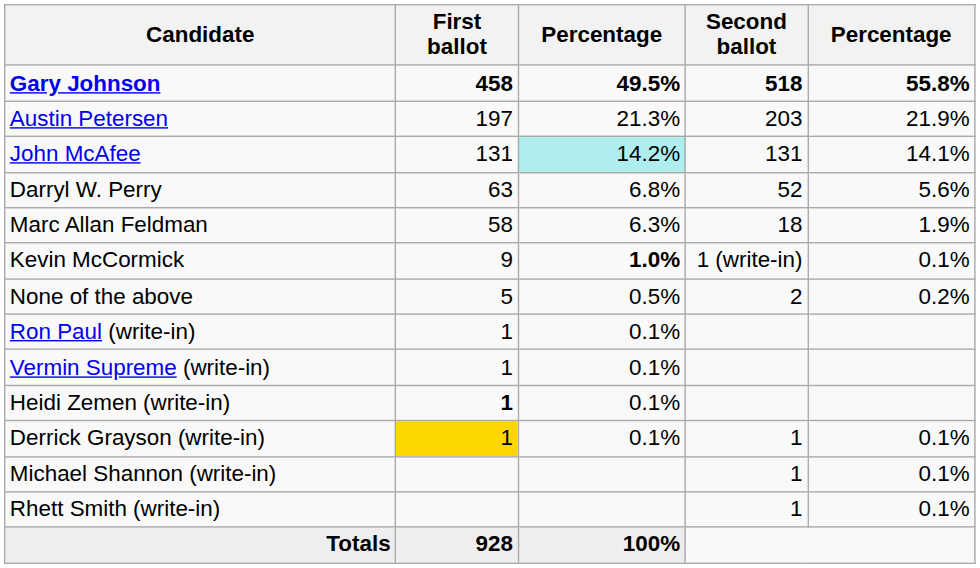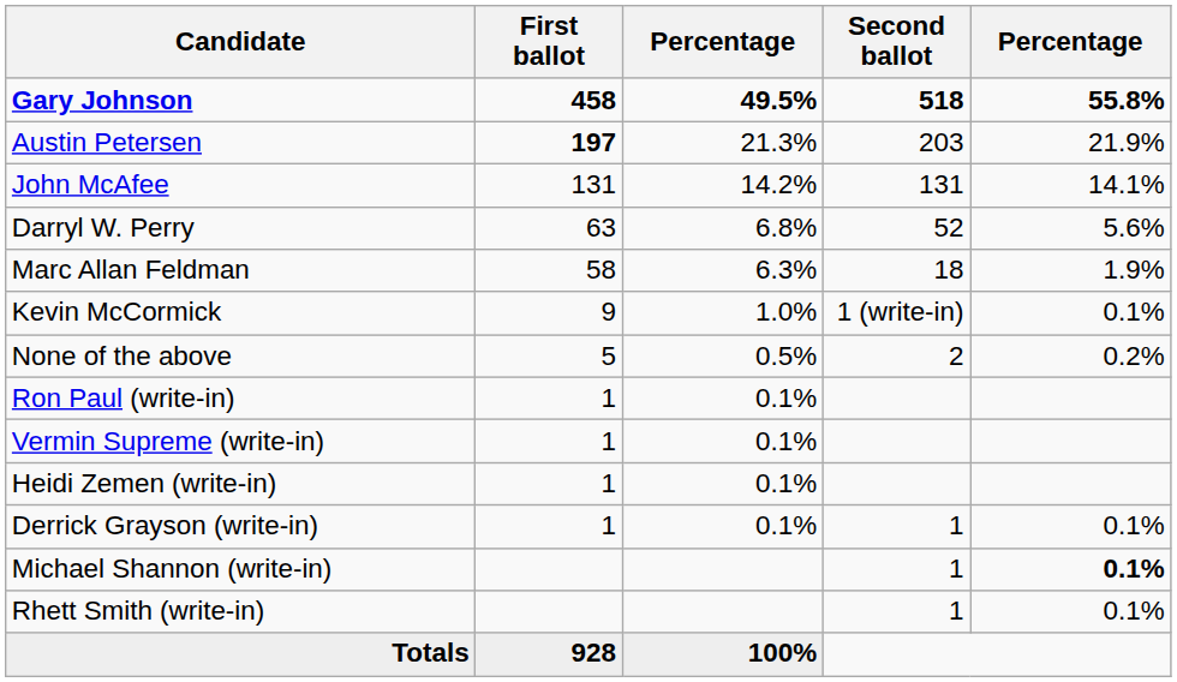 <table class="wikitable">
 <tr>
 <th style="width: 17em">Candidate</th>
 <th style="width: 5em">First ballot</th>
 <th style="width: 7em">Percentage</th>
 <th style="width: 5em">Second ballot</th>
 <th style="width: 7em">Percentage</th>
 </tr>
 <tr>
 <td><strong><a href='#'>Gary Johnson</a></strong></td>
 <td style="text-align:right;"><strong>458</strong></td>
 <td style="text-align:right;"><strong>49.5%</strong></td>
 <td style="text-align:right;"><strong>518</strong></td>
 <td style="text-align:right;"><strong>55.8%</strong></td>
 </tr>
 <tr>
 <td><a href='#'>Austin Petersen</a></td>
-<td style="text-align:right;">197</td>
+<td style="text-align:right;"><strong>197</strong></td>
 <td style="text-align:right;">21.3%</td>
 <td style="text-align:right;">203</td>
 <td style="text-align:right;">21.9%</td>
 </tr>
 <tr>
 <td><a href='#'>John McAfee</a></td>
 <td style="text-align:right;">131</td>
-<td style="background: paleturquoise; text-align:right;">14.2%</td>
+<td style="text-align:right;">14.2%</td>
 <td style="text-align:right;">131</td>
 <td style="text-align:right;">14.1%</td>
 </tr>
 <tr>
 <td>Darryl W. Perry</td>
 <td style="text-align:right;">63</td>
 <td style="text-align:right;">6.8%</td>
 <td style="text-align:right;">52</td>
 <td style="text-align:right;">5.6%</td>
 </tr>
 <tr>
 <td>Marc Allan Feldman</td>
 <td style="text-align:right;">58</td>
 <td style="text-align:right;">6.3%</td>
 <td style="text-align:right;">18</td>
 <td style="text-align:right;">1.9%</td>
 </tr>
 <tr>
 <td>Kevin McCormick</td>
 <td style="text-align:right;">9</td>
-<td style="text-align:right;"><strong>1.0%</strong></td>
+<td style="text-align:right;">1.0%</td>
 <td style="text-align:right;">1 (write-in)</td>
 <td style="text-align:right;">0.1%</td>
 </tr>
 <tr>
 <td>None of the above</td>
 <td style="text-align:right;">5</td>
 <td style="text-align:right;">0.5%</td>
 <td style="text-align:right;">2</td>
 <td style="text-align:right;">0.2%</td>
 </tr>
 <tr>
 <td><a href='#'>Ron Paul</a> (write-in)</td>
 <td style="text-align:right;">1</td>
 <td style="text-align:right;">0.1%</td>
 <td></td>
 <td></td>
 </tr>
 <tr>
 <td><a href='#'>Vermin Supreme</a> (write-in)</td>
 <td style="text-align:right;">1</td>
 <td style="text-align:right;">0.1%</td>
 <td></td>
 <td></td>
 </tr>
 <tr>
 <td>Heidi Zemen (write-in)</td>
-<td style="text-align:right;"><strong>1</strong></td>
+<td style="text-align:right;">1</td>
 <td style="text-align:right;">0.1%</td>
 <td></td>
 <td></td>
 </tr>
 <tr>
 <td>Derrick Grayson (write-in)</td>
-<td style="background: gold; text-align:right;">1</td>
+<td style="text-align:right;">1</td>
 <td style="text-align:right;">0.1%</td>
 <td style="text-align:right;">1</td>
 <td style="text-align:right;">0.1%</td>
 </tr>
 <tr>
 <td>Michael Shannon (write-in)</td>
 <td></td>
 <td></td>
 <td style="text-align:right;">1</td>
-<td style="text-align:right;">0.1%</td>
+<td style="text-align:right;"><strong>0.1%</strong></td>
 </tr>
 <tr>
 <td>Rhett Smith (write-in)</td>
 <td></td>
 <td></td>
 <td style="text-align:right;">1</td>
 <td style="text-align:right;">0.1%</td>
 </tr>
 <tr style="background:#eee; text-align:right;">
 <td><strong>Totals</strong></td>
 <td><strong>928</strong></td>
 <td><strong>100%</strong></td>
 </tr>
 </table>
